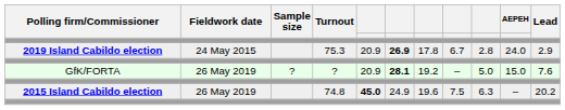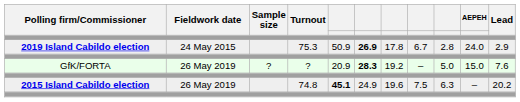 <table class="wikitable collapsible collapsed" style="text-align:center; font-size:95%; line-height:16px;">
 <tr style="height:42px;">
 <th style="width:250px;" rowspan="2">Polling firm/Commissioner</th>
 <th style="width:125px;" rowspan="2">Fieldwork date</th>
 <th style="width:50px;" rowspan="2">Sample size</th>
 <th style="width:45px;" rowspan="2">Turnout</th>
 <th style="width:35px;"></th>
 <th style="width:35px;"></th>
 <th style="width:35px;"></th>
 <th style="width:35px;"></th>
 <th style="width:35px;"></th>
 <th style="width:35px; font-size:75%;">AEPEH</th>
 <th style="width:30px;" rowspan="2">Lead</th>
 </tr>
 <tr>
 <th style="color:inherit;background:"></th>
 <th style="color:inherit;background:"></th>
 <th style="color:inherit;background:"></th>
 <th style="color:inherit;background:"></th>
 <th style="color:inherit;background:"></th>
 <th style="color:inherit;background:"></th>
 </tr>
 <tr>
 <td colspan="11" style="background:#A0A0A0"></td>
 </tr>
 <tr style="background:#EFEFEF;">
 <td><strong><a href='#'>2019 Island Cabildo election</a></strong></td>
 <td>24 May 2015</td>
 <td></td>
 <td>75.3</td>
-<td>20.9<br></td>
+<td>50.9<br></td>
 <td><strong>26.9</strong><br></td>
 <td>17.8<br></td>
 <td>6.7<br></td>
 <td>2.8<br></td>
 <td>24.0<br></td>
 <td style="background:">2.9</td>
 </tr>
 <tr>
 <td colspan="11" style="background:#A0A0A0"></td>
 </tr>
 <tr style="background:#EAFFEA;">
 <td>GfK/FORTA</td>
 <td>26 May 2019</td>
 <td>?</td>
 <td>?</td>
 <td>20.9<br></td>
-<td><strong>28.1</strong><br></td>
+<td><strong>28.3</strong><br></td>
 <td>19.2<br></td>
 <td>–</td>
 <td>5.0<br></td>
 <td>15.0<br></td>
 <td style="background:">7.6</td>
 </tr>
 <tr>
 <td colspan="11" style="background:#A0A0A0"></td>
 </tr>
 <tr style="background:#EFEFEF;">
 <td><strong><a href='#'>2015 Island Cabildo election</a></strong></td>
 <td>26 May 2019</td>
 <td></td>
 <td>74.8</td>
-<td><strong>45.0</strong><br></td>
+<td><strong>45.1</strong><br></td>
 <td>24.9<br></td>
 <td>19.6<br></td>
 <td>7.5<br></td>
 <td>6.3<br></td>
 <td>–</td>
 <td style="background:">20.2</td>
 </tr>
 <tr>
 <td colspan="11" style="background:#A0A0A0"></td>
 </tr>
 </table>
